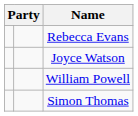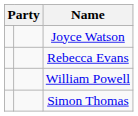 <table class="wikitable" style="text-align:center">
 <tr>
 <th colspan="2">Party</th>
 <th>Name</th>
 </tr>
 <tr>
 <td style="width: 4px"></td>
 <td style="text-align: left;" scope="row"><a href='#'></a></td>
-<td><a href='#'>Rebecca Evans</a></td>
+<td><a href='#'>Joyce Watson</a></td>
 </tr>
 <tr>
 <td style="width: 4px"></td>
 <td style="text-align: left;" scope="row"><a href='#'></a></td>
-<td><a href='#'>Joyce Watson</a></td>
+<td><a href='#'>Rebecca Evans</a></td>
 </tr>
 <tr>
 <td style="width: 4px"></td>
 <td style="text-align: left;" scope="row"><a href='#'></a></td>
 <td><a href='#'>William Powell</a></td>
 </tr>
 <tr>
 <td style="width: 4px"></td>
 <td style="text-align: left;" scope="row"><a href='#'></a></td>
 <td><a href='#'>Simon Thomas</a></td>
 </tr>
 </table>
